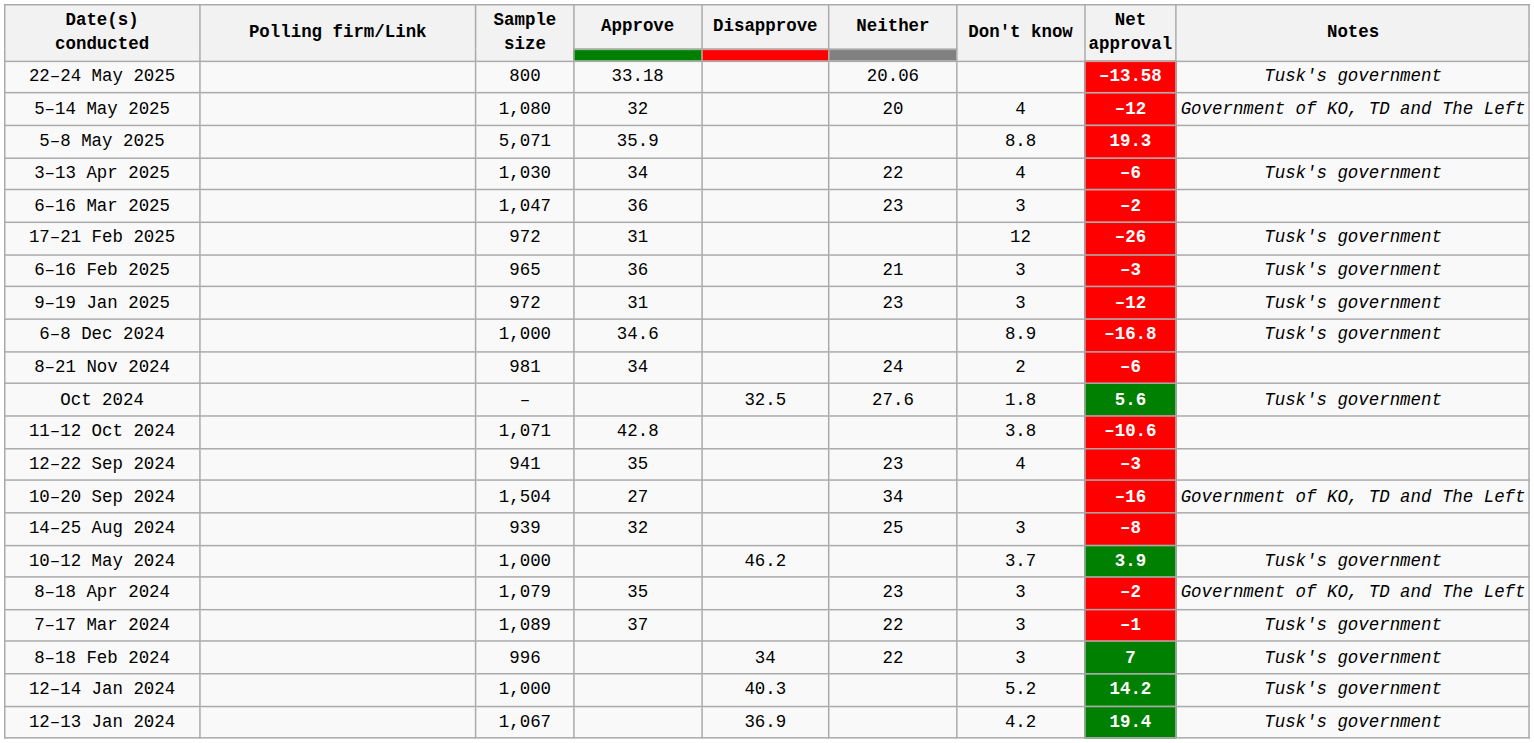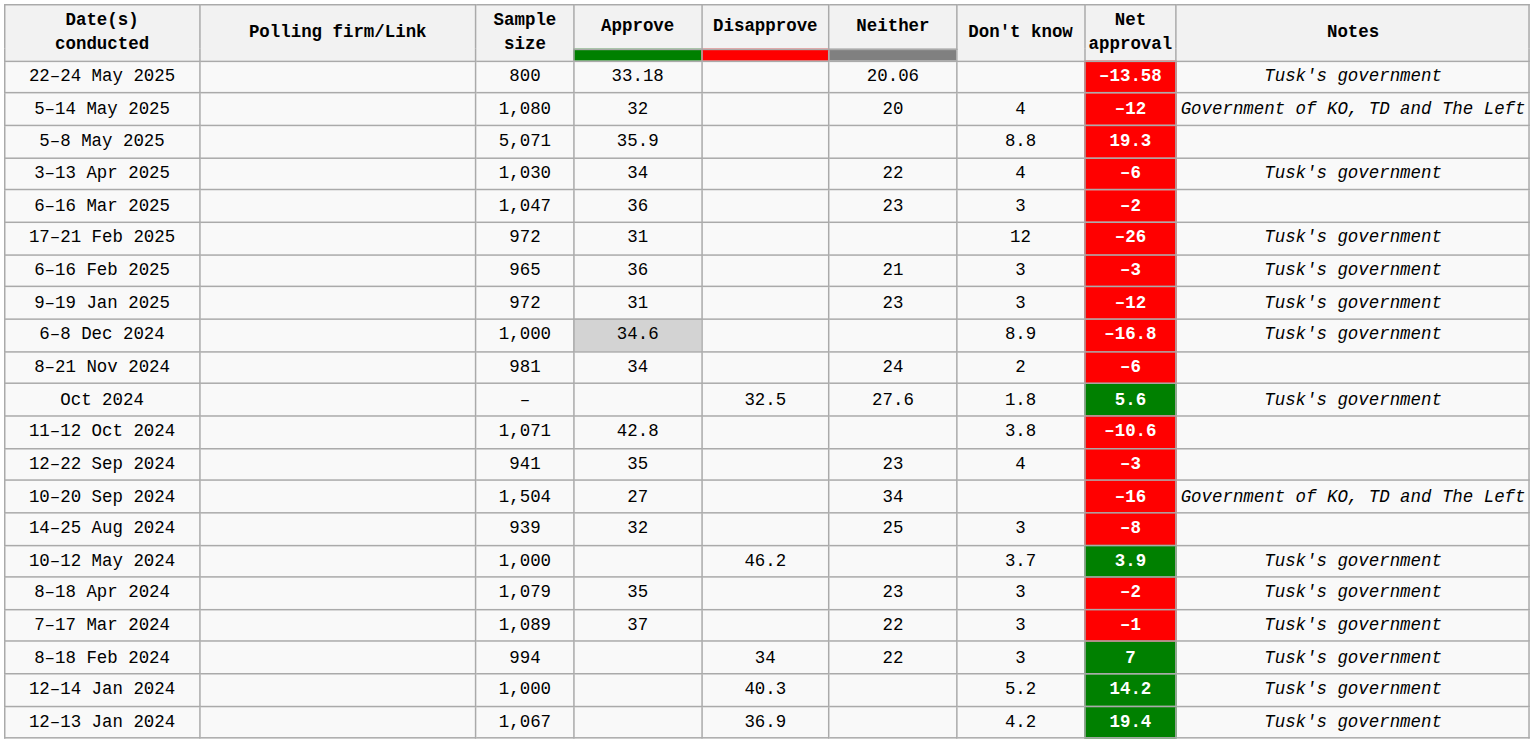 <table class="wikitable sortable collapsible" style="text-align:center; font-size:90%; line-height:16px">
 <tr>
 <th style="width:125px;" rowspan="2">Date(s)<br>conducted</th>
 <th rowspan="2" style="width:180px;">Polling firm/Link</th>
 <th style="width:60px;" rowspan="2">Sample size</th>
 <th class="unsortable" style="width:80px;">Approve</th>
 <th class="unsortable" style="width:80px;">Disapprove</th>
 <th class="unsortable" style="width:80px;">Neither</th>
 <th class="unsortable" style="width:80px;" rowspan="2">Don't know</th>
 <th class="unsortable" style="width:20px;" rowspan="2">Net approval</th>
 <th class="unsortable" rowspan="2">Notes</th>
 </tr>
 <tr>
 <th class="unsortable" style="background:green;width:60px;"></th>
 <th class="unsortable" style="background:red;width:60px;"></th>
 <th class="unsortable" style="background:grey;width:60px;"></th>
 </tr>
 <tr>
 <td data-sort-value="2025-05-24">22–24 May 2025</td>
 <td></td>
 <td>800</td>
 <td>33.18</td>
 <td></td>
 <td>20.06</td>
 <td></td>
 <td style="background:red;color:white;"><strong>–13.58</strong></td>
 <td><em>Tusk's government</em></td>
 </tr>
 <tr>
 <td data-sort-value="2025-05-14">5–14 May 2025</td>
 <td></td>
 <td>1,080</td>
 <td>32</td>
 <td></td>
 <td>20</td>
 <td>4</td>
 <td style="background:red;color:white;"><strong>–12</strong></td>
 <td><em>Government of KO, TD and The Left</em></td>
 </tr>
 <tr>
 <td data-sort-value="2025-05-08">5–8 May 2025</td>
 <td></td>
 <td>5,071</td>
 <td>35.9</td>
 <td></td>
 <td></td>
 <td>8.8</td>
 <td style="background:red;color:white;"><strong>19.3</strong></td>
 <td></td>
 </tr>
 <tr>
 <td data-sort-value="2025-04-13">3–13 Apr 2025</td>
 <td></td>
 <td>1,030</td>
 <td>34</td>
 <td></td>
 <td>22</td>
 <td>4</td>
 <td style="background:red;color:white;"><strong>–6</strong></td>
 <td><em>Tusk's government</em></td>
 </tr>
 <tr>
 <td data-sort-value="2025-03-16">6–16 Mar 2025</td>
 <td></td>
 <td>1,047</td>
 <td>36</td>
 <td></td>
 <td>23</td>
 <td>3</td>
 <td style="background:red;color:white;"><strong>–2</strong></td>
 <td></td>
 </tr>
 <tr>
 <td data-sort-value="2025-02-21">17–21 Feb 2025</td>
 <td></td>
 <td>972</td>
 <td>31</td>
 <td></td>
 <td></td>
 <td>12</td>
 <td style="background:red;color:white;"><strong>–26</strong></td>
 <td><em>Tusk's government</em></td>
 </tr>
 <tr>
 <td data-sort-value="2025-02-16">6–16 Feb 2025</td>
 <td></td>
 <td>965</td>
 <td>36</td>
 <td></td>
 <td>21</td>
 <td>3</td>
 <td style="background:red;color:white;"><strong>–3</strong></td>
 <td><em>Tusk's government</em></td>
 </tr>
 <tr>
 <td data-sort-value="2025-01-19">9–19 Jan 2025</td>
 <td></td>
 <td>972</td>
 <td>31</td>
 <td></td>
 <td>23</td>
 <td>3</td>
 <td style="background:red;color:white;"><strong>–12</strong></td>
 <td><em>Tusk's government</em></td>
 </tr>
 <tr>
 <td data-sort-value="2024-12-08">6–8 Dec 2024</td>
 <td></td>
 <td>1,000</td>
-<td>34.6</td>
+<td style="background: lightgrey;">34.6</td>
 <td></td>
 <td></td>
 <td>8.9</td>
 <td style="background:red;color:white;"><strong>–16.8</strong></td>
 <td><em>Tusk's government</em></td>
 </tr>
 <tr>
 <td data-sort-value="2024-11-21">8–21 Nov 2024</td>
 <td></td>
 <td>981</td>
 <td>34</td>
 <td></td>
 <td>24</td>
 <td>2</td>
 <td style="background:red;color:white;"><strong>–6</strong></td>
 <td></td>
 </tr>
 <tr>
 <td data-sort-value="2024-10-15">Oct 2024</td>
 <td></td>
 <td>–</td>
 <td></td>
 <td>32.5</td>
 <td>27.6</td>
 <td>1.8</td>
 <td style="background:green;color:white;"><strong>5.6</strong></td>
 <td><em>Tusk's government</em></td>
 </tr>
 <tr>
 <td data-sort-value="2024-10-12">11–12 Oct 2024</td>
 <td></td>
 <td>1,071</td>
 <td>42.8</td>
 <td></td>
 <td></td>
 <td>3.8</td>
 <td style="background:red;color:white;"><strong>–10.6</strong></td>
 <td></td>
 </tr>
 <tr>
 <td data-sort-value="2024-09-22">12–22 Sep 2024</td>
 <td></td>
 <td>941</td>
 <td>35</td>
 <td></td>
 <td>23</td>
 <td>4</td>
 <td style="background:red;color:white;"><strong>–3</strong></td>
 <td></td>
 </tr>
 <tr>
 <td data-sort-value="2024-09-20">10–20 Sep 2024</td>
 <td></td>
 <td>1,504</td>
 <td>27</td>
 <td></td>
 <td>34</td>
 <td></td>
 <td style="background:red;color:white;"><strong>–16</strong></td>
 <td><em>Government of KO, TD and The Left</em></td>
 </tr>
 <tr>
 <td data-sort-value="2024-08-25">14–25 Aug 2024</td>
 <td></td>
 <td>939</td>
 <td>32</td>
 <td></td>
 <td>25</td>
 <td>3</td>
 <td style="background:red;color:white;"><strong>–8</strong></td>
 <td></td>
 </tr>
 <tr>
 <td data-sort-value="2024-05-12">10–12 May 2024</td>
 <td></td>
 <td>1,000</td>
 <td></td>
 <td>46.2</td>
 <td></td>
 <td>3.7</td>
 <td style="background:green;color:white;"><strong>3.9</strong></td>
 <td><em>Tusk's government</em></td>
 </tr>
 <tr>
 <td data-sort-value="2024-04-18">8–18 Apr 2024</td>
 <td></td>
 <td>1,079</td>
 <td>35</td>
 <td></td>
 <td>23</td>
 <td>3</td>
 <td style="background:red;color:white;"><strong>–2</strong></td>
-<td><em>Government of KO, TD and The Left</em></td>
+<td><em>Tusk's government</em></td>
 </tr>
 <tr>
 <td data-sort-value="2024-03-17">7–17 Mar 2024</td>
 <td></td>
 <td>1,089</td>
 <td>37</td>
 <td></td>
 <td>22</td>
 <td>3</td>
 <td style="background:red;color:white;"><strong>–1</strong></td>
 <td><em>Tusk's government</em></td>
 </tr>
 <tr>
 <td data-sort-value="2024-02-18">8–18 Feb 2024</td>
 <td></td>
-<td>996</td>
+<td>994</td>
 <td></td>
 <td>34</td>
 <td>22</td>
 <td>3</td>
 <td style="background:green;color:white;"><strong>7</strong></td>
 <td><em>Tusk's government</em></td>
 </tr>
 <tr>
 <td data-sort-value="2024-01-14">12–14 Jan 2024</td>
 <td></td>
 <td>1,000</td>
 <td></td>
 <td>40.3</td>
 <td></td>
 <td>5.2</td>
 <td style="background:green;color:white;"><strong>14.2</strong></td>
 <td><em>Tusk's government</em></td>
 </tr>
 <tr>
 <td data-sort-value="2024-01-13">12–13 Jan 2024</td>
 <td></td>
 <td>1,067</td>
 <td></td>
 <td>36.9</td>
 <td></td>
 <td>4.2</td>
 <td style="background:green;color:white;"><strong>19.4</strong></td>
 <td><em>Tusk's government</em></td>
 </tr>
 </table>
